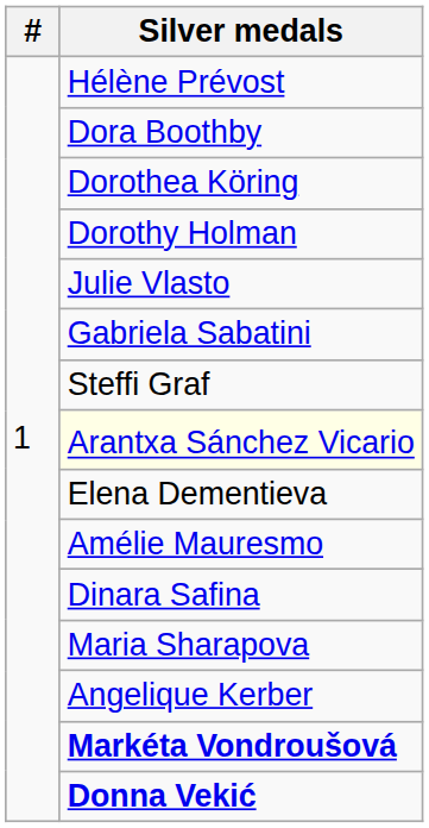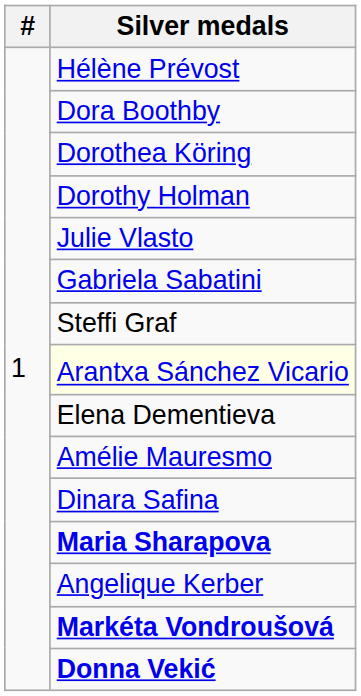 <table class="wikitable" style=display:inline-table>
 <tr>
 <th width=20>#</th>
 <th>Silver medals</th>
 </tr>
 <tr>
 <td rowspan="15">1</td>
 <td> <a href='#'>Hélène Prévost</a></td>
 </tr>
 <tr>
 <td> <a href='#'>Dora Boothby</a></td>
 </tr>
 <tr>
 <td> <a href='#'>Dorothea Köring</a></td>
 </tr>
 <tr>
 <td> <a href='#'>Dorothy Holman</a></td>
 </tr>
 <tr>
 <td> <a href='#'>Julie Vlasto</a></td>
 </tr>
 <tr>
 <td> <a href='#'>Gabriela Sabatini</a></td>
 </tr>
 <tr>
 <td> Steffi Graf</td>
 </tr>
 <tr>
 <td style="background: #ffffe6;"> <a href='#'>Arantxa Sánchez Vicario</a><sup></sup></td>
 </tr>
 <tr>
 <td> Elena Dementieva</td>
 </tr>
 <tr>
 <td> <a href='#'>Amélie Mauresmo</a></td>
 </tr>
 <tr>
 <td> <a href='#'>Dinara Safina</a></td>
 </tr>
 <tr>
-<td> <a href='#'>Maria Sharapova</a></td>
+<td><strong> <a href='#'>Maria Sharapova</a></strong></td>
 </tr>
 <tr>
 <td> <a href='#'>Angelique Kerber</a></td>
 </tr>
 <tr>
 <td><strong> <a href='#'>Markéta Vondroušová</a></strong></td>
 </tr>
 <tr>
 <td><strong> <a href='#'>Donna Vekić</a></strong></td>
 </tr>
 </table>
